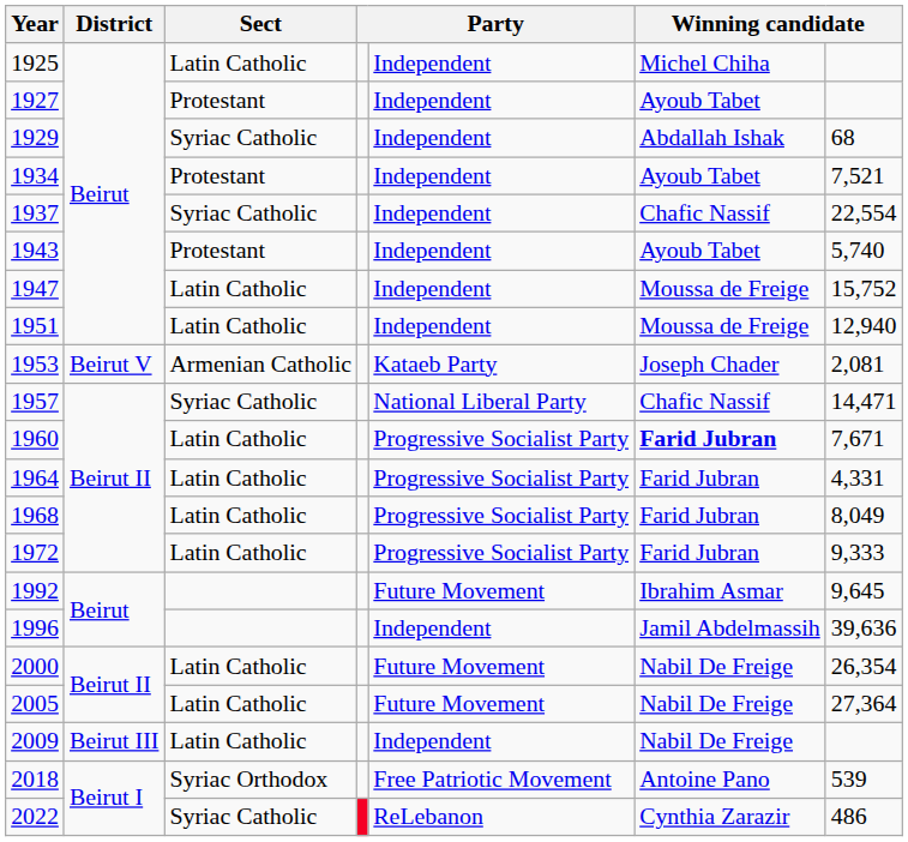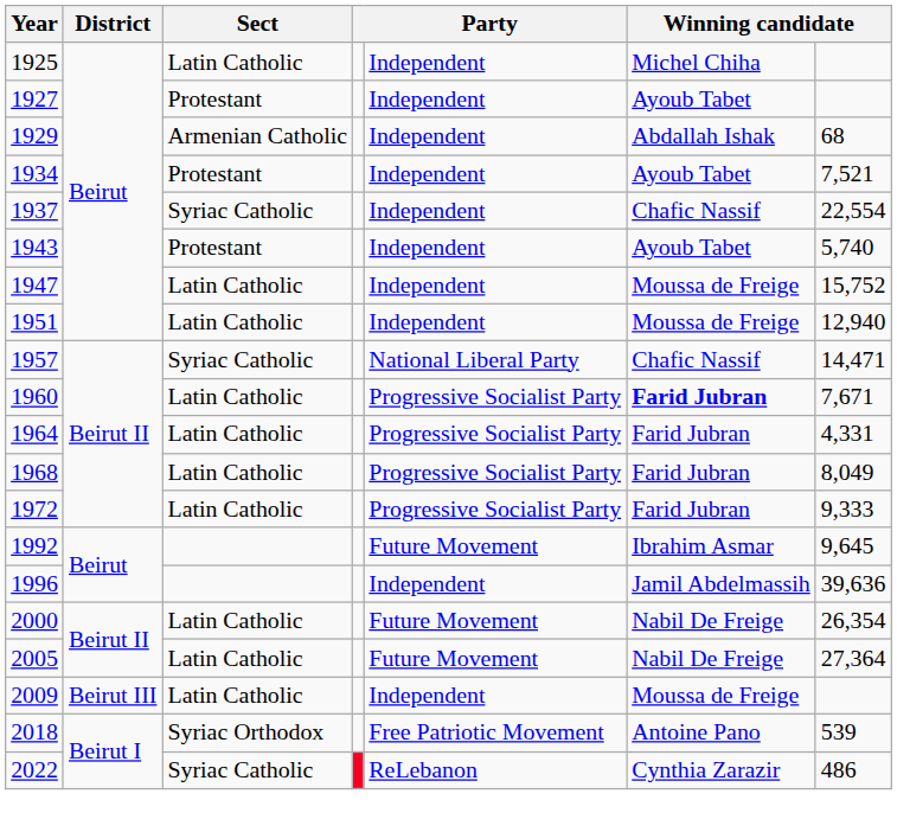 <table class="wikitable">
 <tr>
 <th>Year</th>
 <th>District</th>
 <th>Sect</th>
 <th colspan="2">Party</th>
 <th colspan="2">Winning candidate</th>
 </tr>
 <tr>
 <td>1925</td>
 <td rowspan="8"><a href='#'>Beirut</a></td>
 <td>Latin Catholic</td>
 <td></td>
 <td><a href='#'>Independent</a></td>
 <td><a href='#'>Michel Chiha</a></td>
 <td></td>
 </tr>
 <tr>
 <td><a href='#'>1927</a></td>
 <td>Protestant</td>
 <td></td>
 <td><a href='#'>Independent</a></td>
 <td><a href='#'>Ayoub Tabet</a></td>
 <td></td>
 </tr>
 <tr>
 <td><a href='#'>1929</a></td>
-<td>Syriac Catholic</td>
+<td>Armenian Catholic</td>
 <td></td>
 <td><a href='#'>Independent</a></td>
 <td><a href='#'>Abdallah Ishak</a></td>
 <td>68</td>
 </tr>
 <tr>
 <td><a href='#'>1934</a></td>
 <td>Protestant</td>
 <td></td>
 <td><a href='#'>Independent</a></td>
 <td><a href='#'>Ayoub Tabet</a></td>
 <td>7,521</td>
 </tr>
 <tr>
 <td><a href='#'>1937</a></td>
 <td>Syriac Catholic</td>
 <td></td>
 <td><a href='#'>Independent</a></td>
 <td><a href='#'>Chafic Nassif</a></td>
 <td>22,554</td>
 </tr>
 <tr>
 <td><a href='#'>1943</a></td>
 <td>Protestant</td>
 <td></td>
 <td><a href='#'>Independent</a></td>
 <td><a href='#'>Ayoub Tabet</a></td>
 <td>5,740</td>
 </tr>
 <tr>
 <td><a href='#'>1947</a></td>
 <td>Latin Catholic</td>
 <td></td>
 <td><a href='#'>Independent</a></td>
 <td><a href='#'>Moussa de Freige</a></td>
 <td>15,752</td>
 </tr>
 <tr>
 <td><a href='#'>1951</a></td>
 <td>Latin Catholic</td>
 <td></td>
 <td><a href='#'>Independent</a></td>
 <td><a href='#'>Moussa de Freige</a></td>
 <td>12,940</td>
-</tr>
-<tr>
-<td><a href='#'>1953</a></td>
-<td><a href='#'>Beirut V</a></td>
-<td>Armenian Catholic</td>
-<td></td>
-<td><a href='#'>Kataeb Party</a></td>
-<td><a href='#'>Joseph Chader</a></td>
-<td>2,081</td>
 </tr>
 <tr>
 <td><a href='#'>1957</a></td>
 <td rowspan="5"><a href='#'>Beirut II</a></td>
 <td>Syriac Catholic</td>
 <td></td>
 <td><a href='#'>National Liberal Party</a></td>
 <td><a href='#'>Chafic Nassif</a></td>
 <td>14,471</td>
 </tr>
 <tr>
 <td><a href='#'>1960</a></td>
 <td>Latin Catholic</td>
 <td></td>
 <td><a href='#'>Progressive Socialist Party</a></td>
 <td><strong><a href='#'>Farid Jubran</a></strong></td>
 <td>7,671</td>
 </tr>
 <tr>
 <td><a href='#'>1964</a></td>
 <td>Latin Catholic</td>
 <td></td>
 <td><a href='#'>Progressive Socialist Party</a></td>
 <td><a href='#'>Farid Jubran</a></td>
 <td>4,331</td>
 </tr>
 <tr>
 <td><a href='#'>1968</a></td>
 <td>Latin Catholic</td>
 <td></td>
 <td><a href='#'>Progressive Socialist Party</a></td>
 <td><a href='#'>Farid Jubran</a></td>
 <td>8,049</td>
 </tr>
 <tr>
 <td><a href='#'>1972</a></td>
 <td>Latin Catholic</td>
 <td></td>
 <td><a href='#'>Progressive Socialist Party</a></td>
 <td><a href='#'>Farid Jubran</a></td>
 <td>9,333</td>
 </tr>
 <tr>
 <td><a href='#'>1992</a></td>
 <td rowspan="2"><a href='#'>Beirut</a></td>
 <td></td>
 <td></td>
 <td><a href='#'>Future Movement</a></td>
 <td><a href='#'>Ibrahim Asmar</a></td>
 <td>9,645</td>
 </tr>
 <tr>
 <td><a href='#'>1996</a></td>
 <td></td>
 <td></td>
 <td><a href='#'>Independent</a></td>
 <td><a href='#'>Jamil Abdelmassih</a></td>
 <td>39,636</td>
 </tr>
 <tr>
 <td><a href='#'>2000</a></td>
 <td rowspan="2"><a href='#'>Beirut II</a></td>
 <td>Latin Catholic</td>
 <td></td>
 <td><a href='#'>Future Movement</a></td>
 <td><a href='#'>Nabil De Freige</a></td>
 <td>26,354</td>
 </tr>
 <tr>
 <td><a href='#'>2005</a></td>
 <td>Latin Catholic</td>
 <td></td>
 <td><a href='#'>Future Movement</a></td>
 <td><a href='#'>Nabil De Freige</a></td>
 <td>27,364</td>
 </tr>
 <tr>
 <td><a href='#'>2009</a></td>
 <td><a href='#'>Beirut III</a></td>
 <td>Latin Catholic</td>
 <td></td>
 <td><a href='#'>Independent</a></td>
-<td><a href='#'>Nabil De Freige</a></td>
+<td><a href='#'>Moussa de Freige</a></td>
 <td></td>
 </tr>
 <tr>
 <td><a href='#'>2018</a></td>
 <td rowspan="2"><a href='#'>Beirut I</a></td>
 <td>Syriac Orthodox</td>
 <td></td>
 <td><a href='#'>Free Patriotic Movement</a></td>
 <td><a href='#'>Antoine Pano</a></td>
 <td>539</td>
 </tr>
 <tr>
 <td><a href='#'>2022</a></td>
 <td>Syriac Catholic</td>
 <td bgcolor="#f50025"></td>
 <td><a href='#'>ReLebanon</a></td>
 <td><a href='#'>Cynthia Zarazir</a></td>
 <td>486</td>
 </tr>
 </table>
